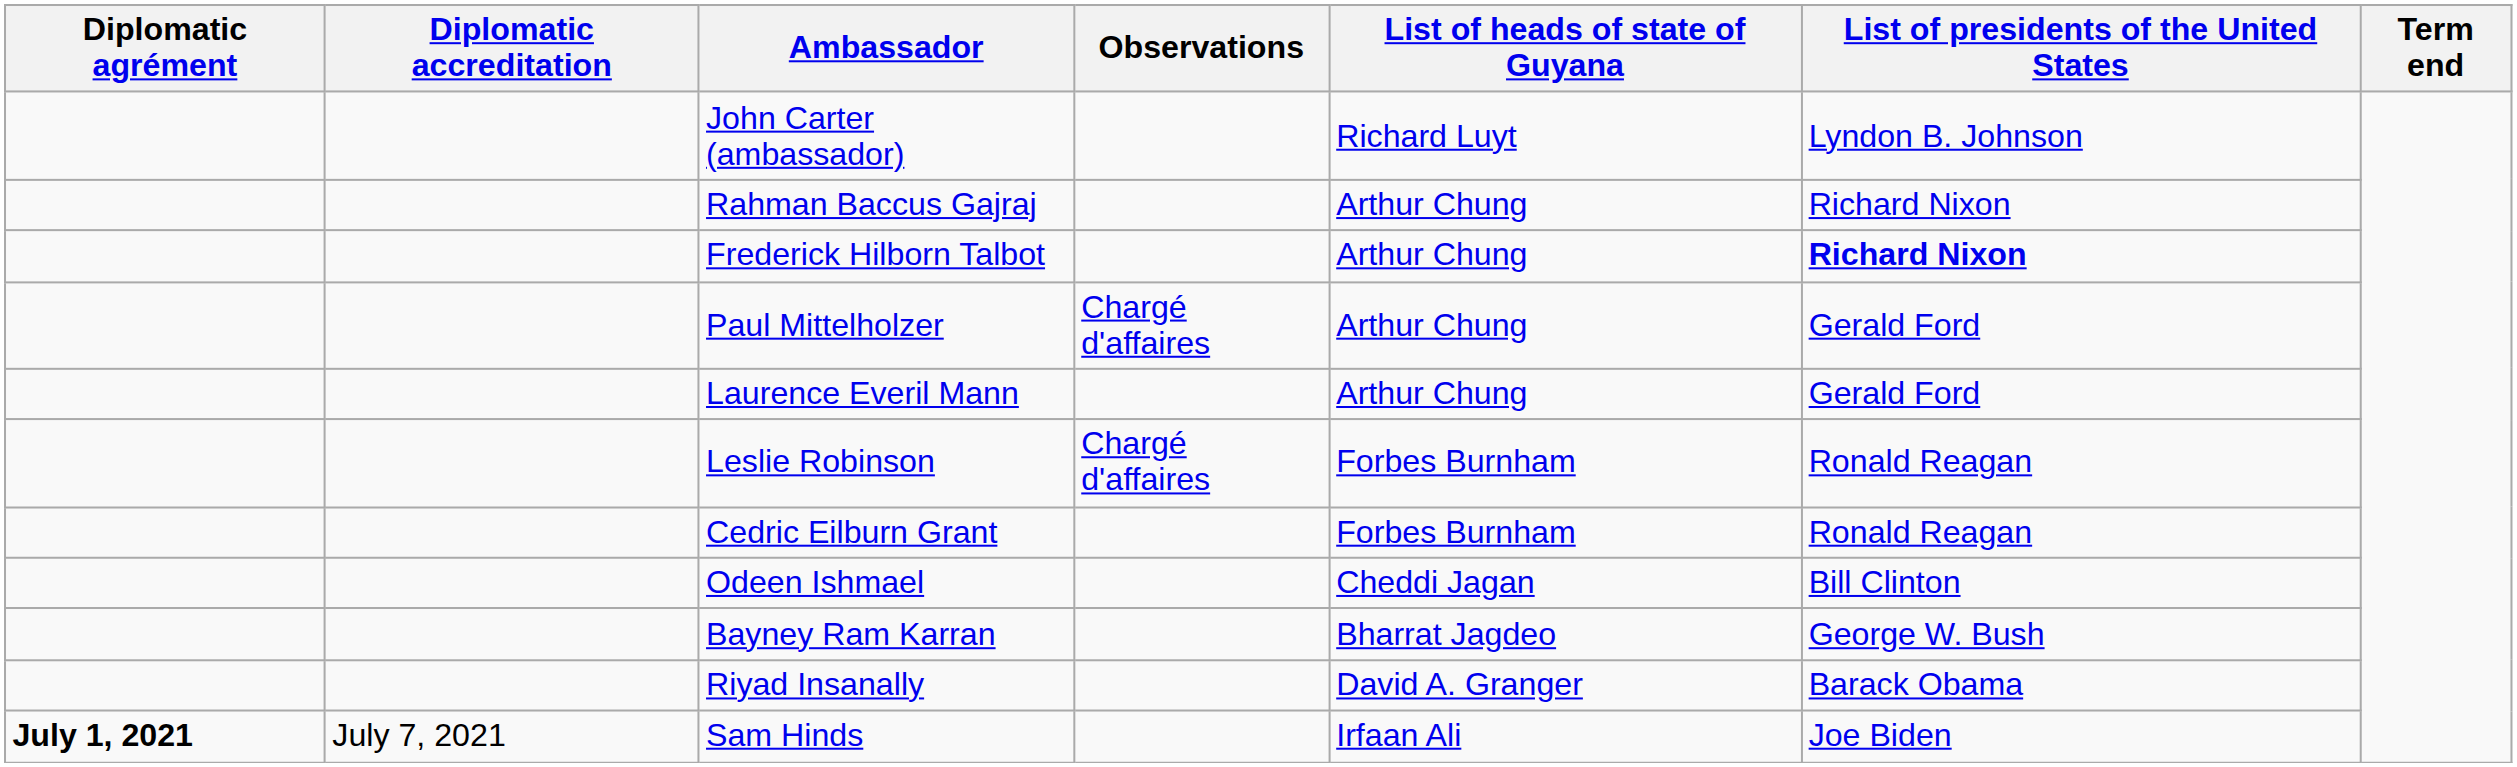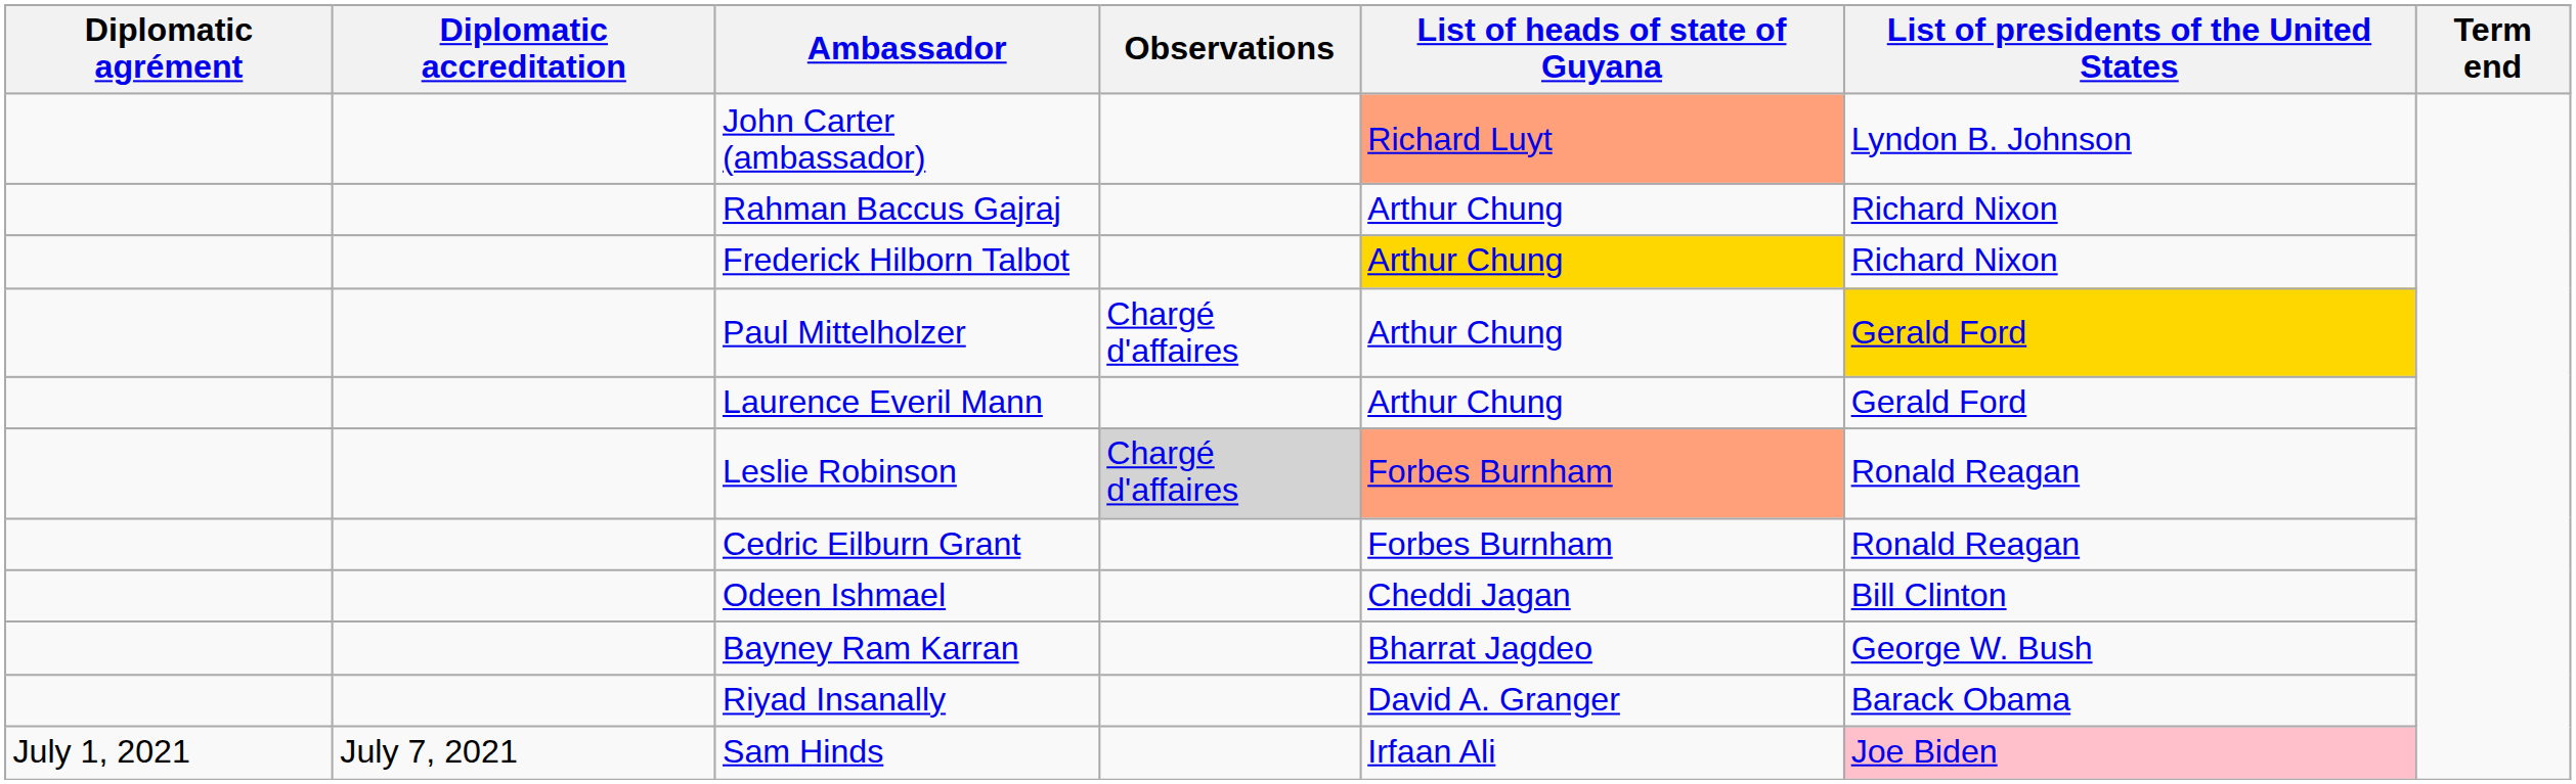 <table class="wikitable sortable">
 <tr>
 <th>Diplomatic <a href='#'>agrément</a></th>
 <th><a href='#'>Diplomatic accreditation</a></th>
 <th><a href='#'>Ambassador</a></th>
 <th>Observations</th>
 <th><a href='#'>List of heads of state of Guyana</a></th>
 <th><a href='#'>List of presidents of the United States</a></th>
 <th>Term end</th>
 </tr>
 <tr>
 <td></td>
 <td></td>
 <td><a href='#'>John Carter (ambassador)</a></td>
 <td></td>
-<td><a href='#'>Richard Luyt</a></td>
+<td style="background: lightsalmon;"><a href='#'>Richard Luyt</a></td>
 <td><a href='#'>Lyndon B. Johnson</a></td>
 </tr>
 <tr>
 <td></td>
 <td></td>
 <td><a href='#'>Rahman Baccus Gajraj</a></td>
 <td></td>
 <td><a href='#'>Arthur Chung</a></td>
 <td><a href='#'>Richard Nixon</a></td>
 </tr>
 <tr>
 <td></td>
 <td></td>
 <td><a href='#'>Frederick Hilborn Talbot</a></td>
 <td></td>
-<td><a href='#'>Arthur Chung</a></td>
-<td><strong><a href='#'>Richard Nixon</a></strong></td>
+<td style="background: gold;"><a href='#'>Arthur Chung</a></td>
+<td><a href='#'>Richard Nixon</a></td>
 </tr>
 <tr>
 <td></td>
 <td></td>
 <td><a href='#'>Paul Mittelholzer</a></td>
 <td><a href='#'>Chargé d'affaires</a></td>
 <td><a href='#'>Arthur Chung</a></td>
-<td><a href='#'>Gerald Ford</a></td>
+<td style="background: gold;"><a href='#'>Gerald Ford</a></td>
 </tr>
 <tr>
 <td></td>
 <td></td>
 <td><a href='#'>Laurence Everil Mann</a></td>
 <td></td>
 <td><a href='#'>Arthur Chung</a></td>
 <td><a href='#'>Gerald Ford</a></td>
 </tr>
 <tr>
 <td></td>
 <td></td>
 <td><a href='#'>Leslie Robinson</a></td>
-<td><a href='#'>Chargé d'affaires</a></td>
-<td><a href='#'>Forbes Burnham</a></td>
+<td style="background: lightgrey;"><a href='#'>Chargé d'affaires</a></td>
+<td style="background: lightsalmon;"><a href='#'>Forbes Burnham</a></td>
 <td><a href='#'>Ronald Reagan</a></td>
 </tr>
 <tr>
 <td></td>
 <td></td>
 <td><a href='#'>Cedric Eilburn Grant</a></td>
 <td></td>
 <td><a href='#'>Forbes Burnham</a></td>
 <td><a href='#'>Ronald Reagan</a></td>
 </tr>
 <tr>
 <td></td>
 <td></td>
 <td><a href='#'>Odeen Ishmael</a></td>
 <td></td>
 <td><a href='#'>Cheddi Jagan</a></td>
 <td><a href='#'>Bill Clinton</a></td>
 </tr>
 <tr>
 <td></td>
 <td></td>
 <td><a href='#'>Bayney Ram Karran</a></td>
 <td></td>
 <td><a href='#'>Bharrat Jagdeo</a></td>
 <td><a href='#'>George W. Bush</a></td>
 </tr>
 <tr>
 <td></td>
 <td></td>
 <td><a href='#'>Riyad Insanally</a></td>
 <td></td>
 <td><a href='#'>David A. Granger</a></td>
 <td><a href='#'>Barack Obama</a></td>
 </tr>
 <tr>
-<td><strong>July 1, 2021</strong></td>
+<td>July 1, 2021</td>
 <td>July 7, 2021</td>
 <td><a href='#'>Sam Hinds</a></td>
 <td></td>
 <td><a href='#'>Irfaan Ali</a></td>
-<td><a href='#'>Joe Biden</a></td>
+<td style="background: pink;"><a href='#'>Joe Biden</a></td>
 </tr>
 </table>
